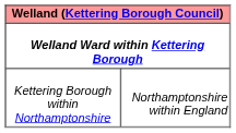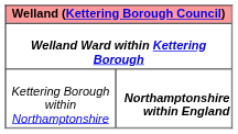 <table border=1 cellpadding="2" cellspacing="0" align="right" width=300>
 <tr>
 <th colspan=2 align=center bgcolor="#ff9999">Welland (<a href='#'>Kettering Borough Council</a>)</th>
 </tr>
 <tr>
 <th colspan=2 alignn=center><br><em>Welland Ward within <a href='#'>Kettering Borough</a></em></th>
 </tr>
 <tr>
 <td align=center><br><em>Kettering Borough within <a href='#'>Northamptonshire</a></em></td>
-<td align=right><br><em>Northamptonshire within England</em></td>
+<td align=right><strong><br><em>Northamptonshire within England</em></strong></td>
 </tr>
 </table>
